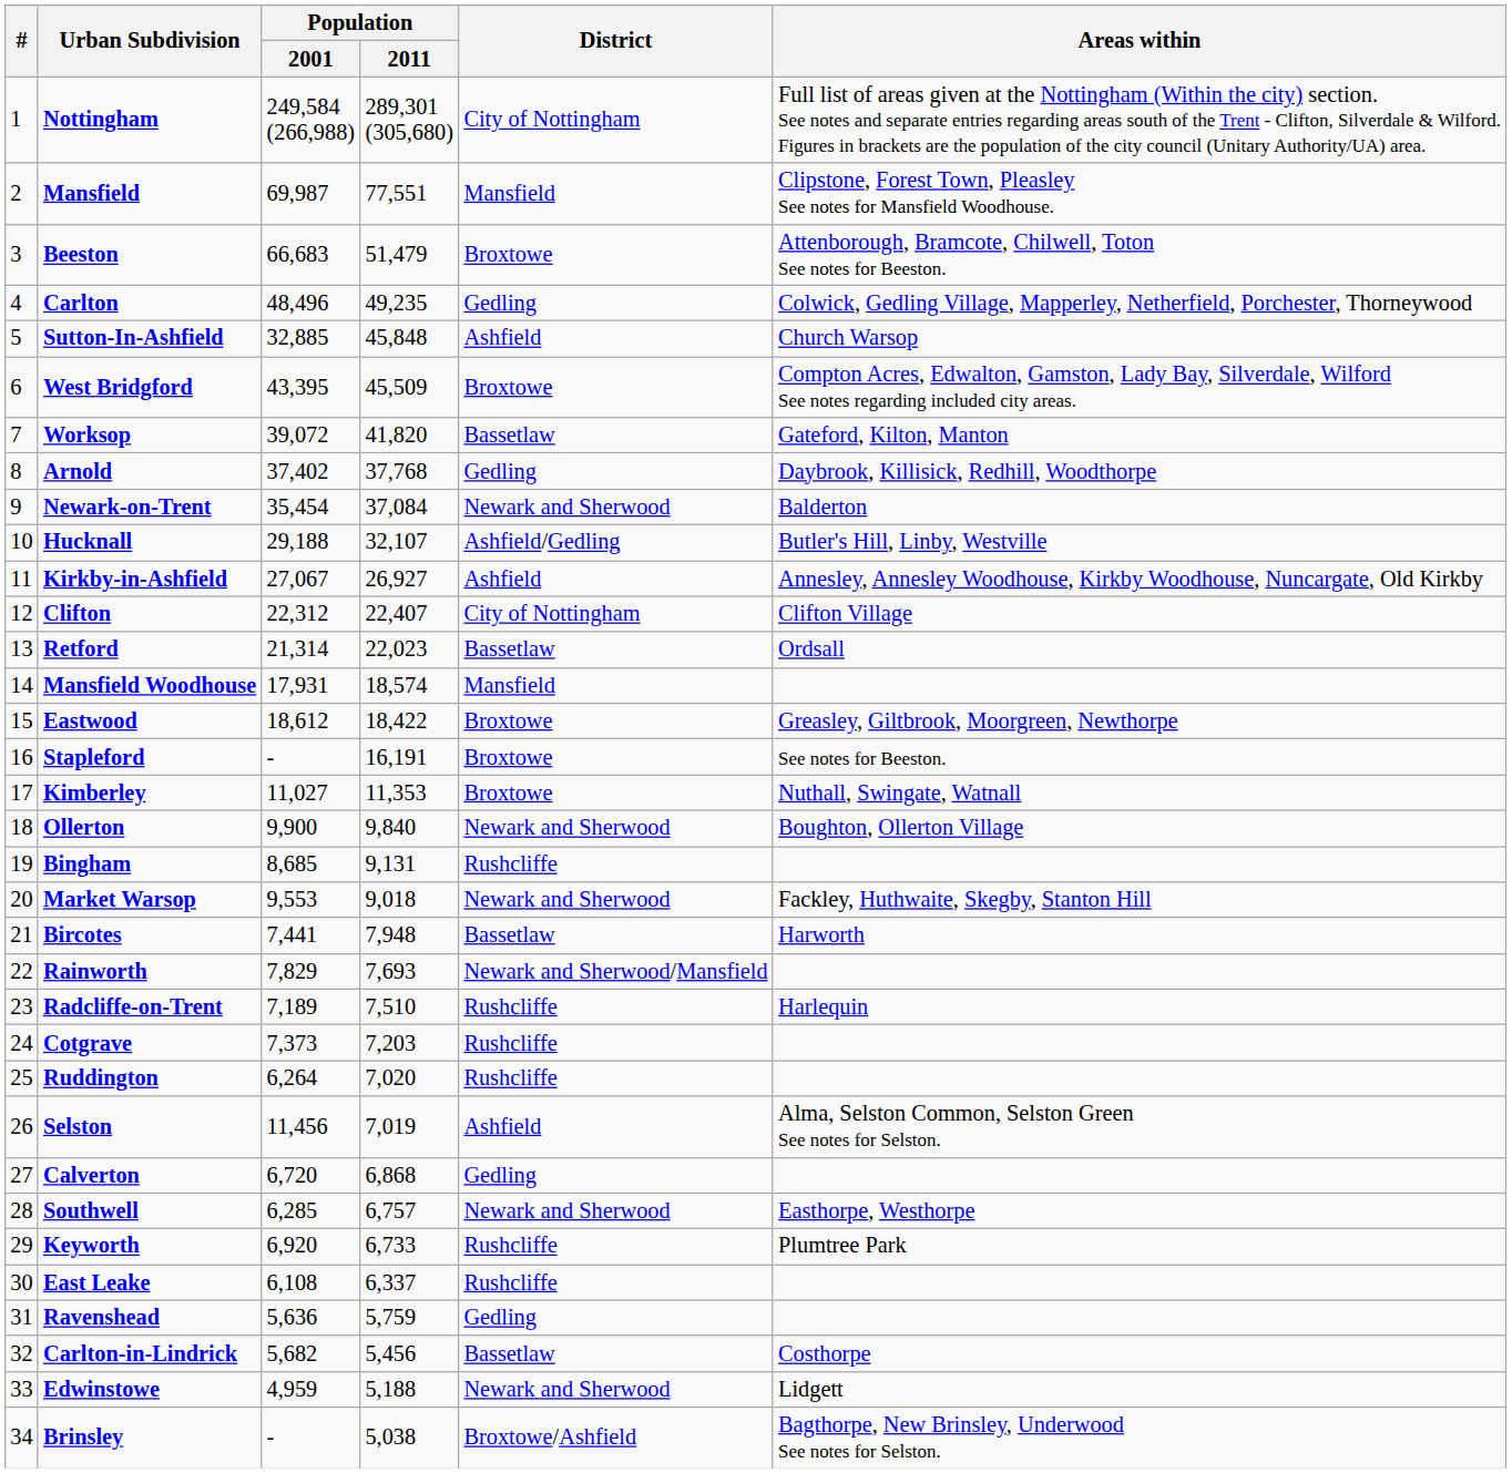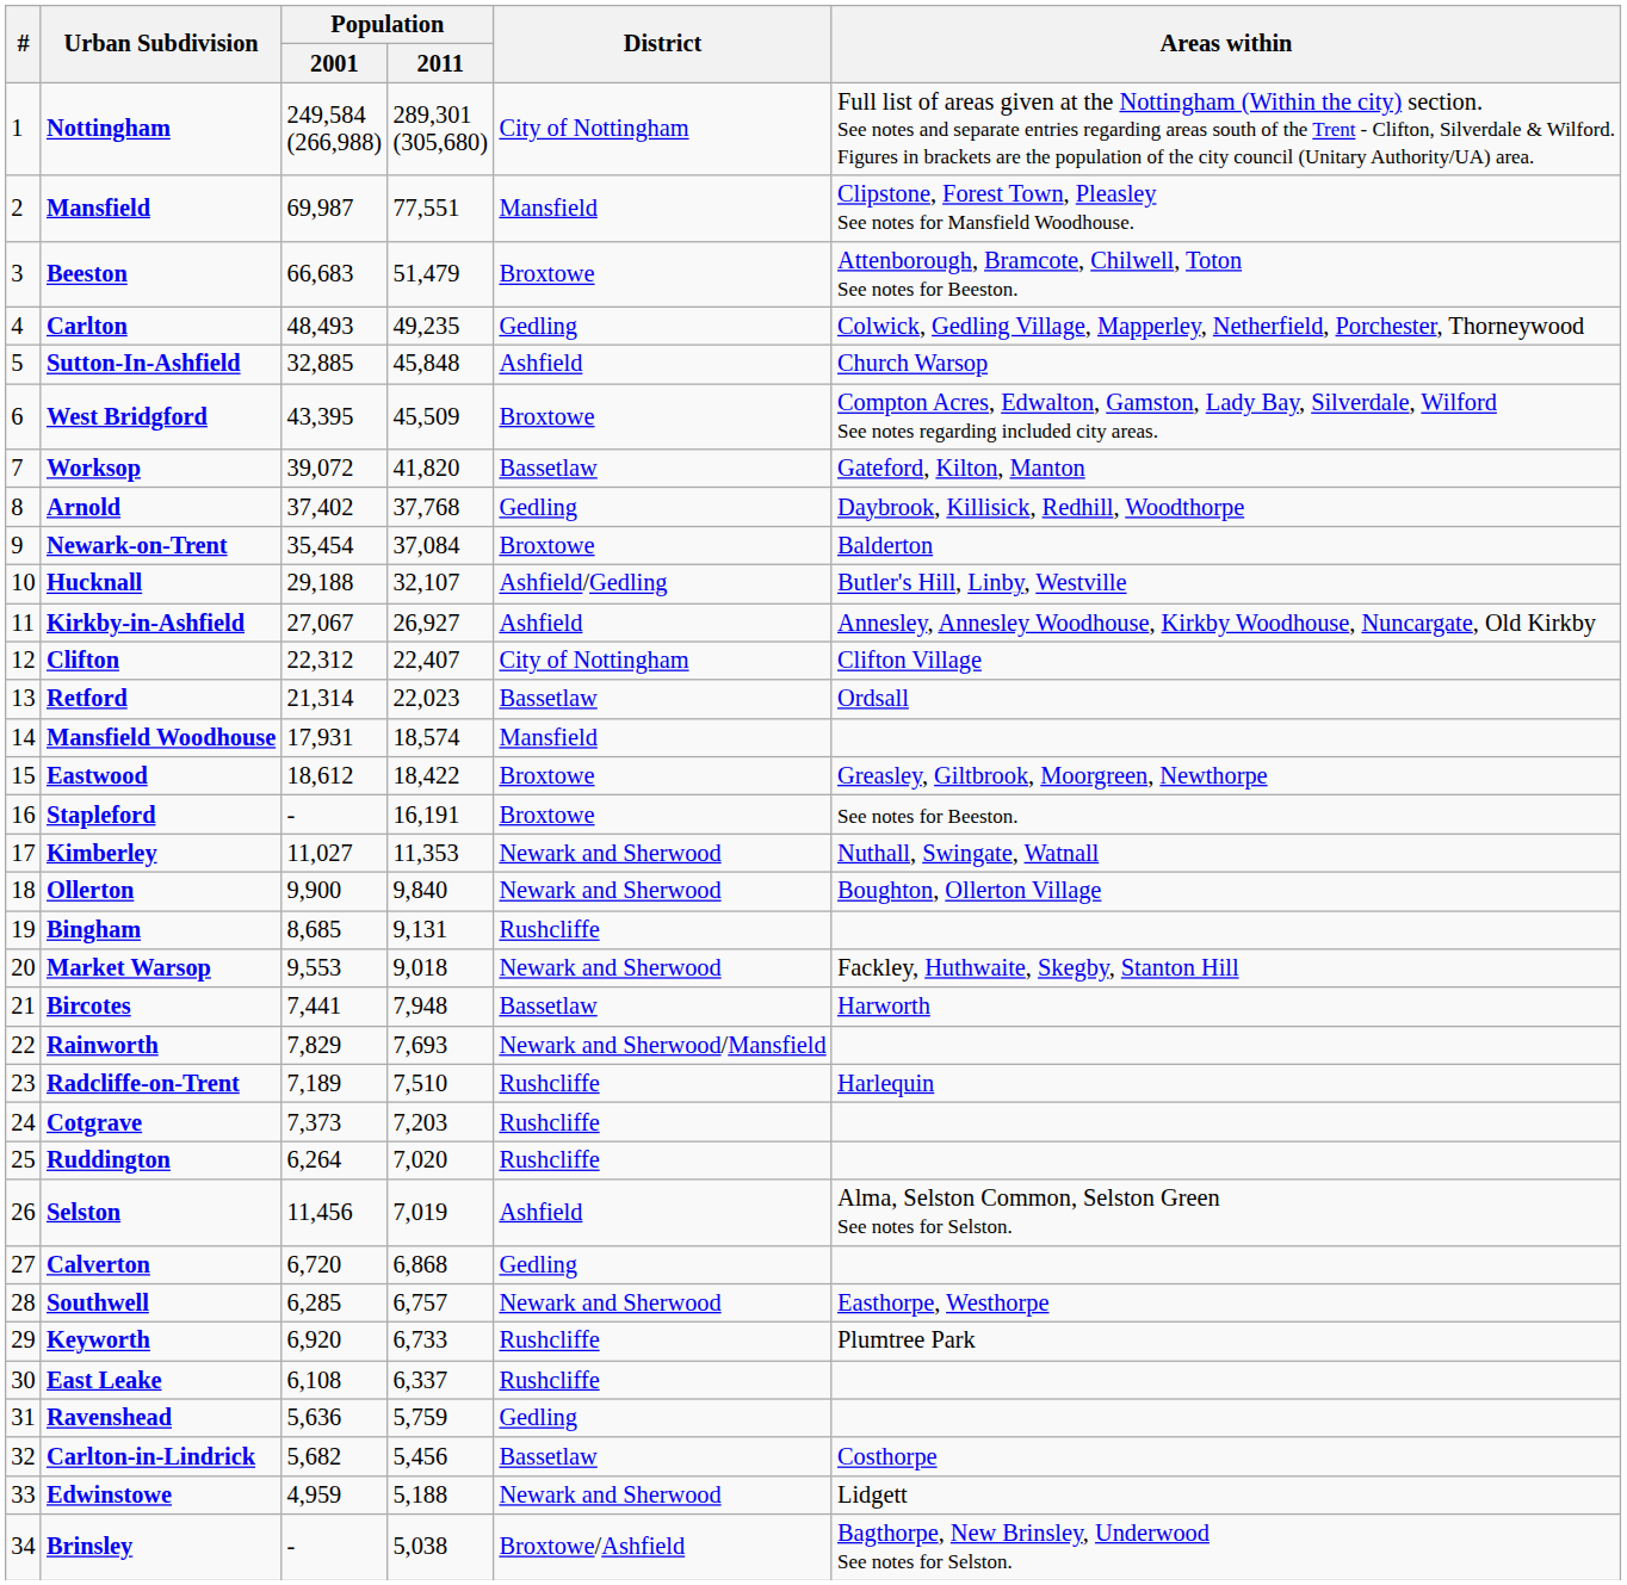 <table class="wikitable sortable">
 <tr>
 <th rowspan="2">#</th>
 <th rowspan="2">Urban Subdivision</th>
 <th colspan="2">Population</th>
 <th rowspan="2">District</th>
 <th class="unsortable"  rowspan="2">Areas within</th>
 </tr>
 <tr>
 <th>2001</th>
 <th>2011</th>
 </tr>
 <tr>
 <td>1</td>
 <td><strong><a href='#'>Nottingham</a></strong></td>
 <td>249,584<br>(266,988)</td>
 <td>289,301<br>(305,680)</td>
 <td><a href='#'>City of Nottingham</a></td>
 <td>Full list of areas given at the <a href='#'>Nottingham (Within the city)</a> section.<br><small>See notes and separate entries regarding areas south of the <a href='#'>Trent</a> - Clifton, Silverdale & Wilford.<br> Figures in brackets are the population of the city council (Unitary Authority/UA) area.</small></td>
 </tr>
 <tr>
 <td>2</td>
 <td><strong><a href='#'>Mansfield</a></strong></td>
 <td>69,987</td>
 <td>77,551</td>
 <td><a href='#'>Mansfield</a></td>
 <td><a href='#'>Clipstone</a>, <a href='#'>Forest Town</a>, <a href='#'>Pleasley</a><br><small>See notes for Mansfield Woodhouse.</small></td>
 </tr>
 <tr>
 <td>3</td>
 <td><strong><a href='#'>Beeston</a></strong></td>
 <td>66,683</td>
 <td>51,479</td>
 <td><a href='#'>Broxtowe</a></td>
 <td><a href='#'>Attenborough</a>, <a href='#'>Bramcote</a>, <a href='#'>Chilwell</a>, <a href='#'>Toton</a><br><small>See notes for Beeston.</small></td>
 </tr>
 <tr>
 <td>4</td>
 <td><strong><a href='#'>Carlton</a></strong></td>
-<td>48,496</td>
+<td>48,493</td>
 <td>49,235</td>
 <td><a href='#'>Gedling</a></td>
 <td><a href='#'>Colwick</a>, <a href='#'>Gedling Village</a>, <a href='#'>Mapperley</a>, <a href='#'>Netherfield</a>, <a href='#'>Porchester</a>, Thorneywood</td>
 </tr>
 <tr>
 <td>5</td>
 <td><strong><a href='#'>Sutton-In-Ashfield</a></strong></td>
 <td>32,885</td>
 <td>45,848</td>
 <td><a href='#'>Ashfield</a></td>
 <td><a href='#'>Church Warsop</a></td>
 </tr>
 <tr>
 <td>6</td>
 <td><strong><a href='#'>West Bridgford</a></strong></td>
 <td>43,395</td>
 <td>45,509</td>
 <td><a href='#'>Broxtowe</a></td>
 <td><a href='#'>Compton Acres</a>, <a href='#'>Edwalton</a>, <a href='#'>Gamston</a>, <a href='#'>Lady Bay</a>, <a href='#'>Silverdale</a>, <a href='#'>Wilford</a><br><small>See notes regarding included city areas.</small></td>
 </tr>
 <tr>
 <td>7</td>
 <td><strong><a href='#'>Worksop</a></strong></td>
 <td>39,072</td>
 <td>41,820</td>
 <td><a href='#'>Bassetlaw</a></td>
 <td><a href='#'>Gateford</a>, <a href='#'>Kilton</a>, <a href='#'>Manton</a></td>
 </tr>
 <tr>
 <td>8</td>
 <td><strong><a href='#'>Arnold</a></strong></td>
 <td>37,402</td>
 <td>37,768</td>
 <td><a href='#'>Gedling</a></td>
 <td><a href='#'>Daybrook</a>, <a href='#'>Killisick</a>, <a href='#'>Redhill</a>, <a href='#'>Woodthorpe</a></td>
 </tr>
 <tr>
 <td>9</td>
 <td><strong><a href='#'>Newark-on-Trent</a></strong></td>
 <td>35,454</td>
 <td>37,084</td>
-<td><a href='#'>Newark and Sherwood</a></td>
+<td><a href='#'>Broxtowe</a></td>
 <td><a href='#'>Balderton</a></td>
 </tr>
 <tr>
 <td>10</td>
 <td><strong><a href='#'>Hucknall</a></strong></td>
 <td>29,188</td>
 <td>32,107</td>
 <td><a href='#'>Ashfield</a>/<a href='#'>Gedling</a></td>
 <td><a href='#'>Butler's Hill</a>, <a href='#'>Linby</a>, <a href='#'>Westville</a></td>
 </tr>
 <tr>
 <td>11</td>
 <td><strong><a href='#'>Kirkby-in-Ashfield</a></strong></td>
 <td>27,067</td>
 <td>26,927</td>
 <td><a href='#'>Ashfield</a></td>
 <td><a href='#'>Annesley</a>, <a href='#'>Annesley Woodhouse</a>, <a href='#'>Kirkby Woodhouse</a>, <a href='#'>Nuncargate</a>, Old Kirkby</td>
 </tr>
 <tr>
 <td>12</td>
 <td><strong><a href='#'>Clifton</a></strong></td>
 <td>22,312</td>
 <td>22,407</td>
 <td><a href='#'>City of Nottingham</a></td>
 <td><a href='#'>Clifton Village</a></td>
 </tr>
 <tr>
 <td>13</td>
 <td><strong><a href='#'>Retford</a></strong></td>
 <td>21,314</td>
 <td>22,023</td>
 <td><a href='#'>Bassetlaw</a></td>
 <td><a href='#'>Ordsall</a></td>
 </tr>
 <tr>
 <td>14</td>
 <td><strong><a href='#'>Mansfield Woodhouse</a></strong></td>
 <td>17,931</td>
 <td>18,574</td>
 <td><a href='#'>Mansfield</a></td>
 <td></td>
 </tr>
 <tr>
 <td>15</td>
 <td><strong><a href='#'>Eastwood</a></strong></td>
 <td>18,612</td>
 <td>18,422</td>
 <td><a href='#'>Broxtowe</a></td>
 <td><a href='#'>Greasley</a>, <a href='#'>Giltbrook</a>, <a href='#'>Moorgreen</a>, <a href='#'>Newthorpe</a></td>
 </tr>
 <tr>
 <td>16</td>
 <td><strong><a href='#'>Stapleford</a></strong></td>
 <td>-</td>
 <td>16,191</td>
 <td><a href='#'>Broxtowe</a></td>
 <td><small>See notes for Beeston.</small></td>
 </tr>
 <tr>
 <td>17</td>
 <td><strong><a href='#'>Kimberley</a></strong></td>
 <td>11,027</td>
 <td>11,353</td>
-<td><a href='#'>Broxtowe</a></td>
+<td><a href='#'>Newark and Sherwood</a></td>
 <td><a href='#'>Nuthall</a>, <a href='#'>Swingate</a>, <a href='#'>Watnall</a></td>
 </tr>
 <tr>
 <td>18</td>
 <td><strong><a href='#'>Ollerton</a></strong></td>
 <td>9,900</td>
 <td>9,840</td>
 <td><a href='#'>Newark and Sherwood</a></td>
 <td><a href='#'>Boughton</a>, <a href='#'>Ollerton Village</a></td>
 </tr>
 <tr>
 <td>19</td>
 <td><strong><a href='#'>Bingham</a></strong></td>
 <td>8,685</td>
 <td>9,131</td>
 <td><a href='#'>Rushcliffe</a></td>
 <td></td>
 </tr>
 <tr>
 <td>20</td>
 <td><strong><a href='#'>Market Warsop</a></strong></td>
 <td>9,553</td>
 <td>9,018</td>
 <td><a href='#'>Newark and Sherwood</a></td>
 <td>Fackley, <a href='#'>Huthwaite</a>, <a href='#'>Skegby</a>, <a href='#'>Stanton Hill</a></td>
 </tr>
 <tr>
 <td>21</td>
 <td><strong><a href='#'>Bircotes</a></strong></td>
 <td>7,441</td>
 <td>7,948</td>
 <td><a href='#'>Bassetlaw</a></td>
 <td><a href='#'>Harworth</a></td>
 </tr>
 <tr>
 <td>22</td>
 <td><strong><a href='#'>Rainworth</a></strong></td>
 <td>7,829</td>
 <td>7,693</td>
 <td><a href='#'>Newark and Sherwood</a>/<a href='#'>Mansfield</a></td>
 <td></td>
 </tr>
 <tr>
 <td>23</td>
 <td><strong><a href='#'>Radcliffe-on-Trent</a></strong></td>
 <td>7,189</td>
 <td>7,510</td>
 <td><a href='#'>Rushcliffe</a></td>
 <td><a href='#'>Harlequin</a></td>
 </tr>
 <tr>
 <td>24</td>
 <td><strong><a href='#'>Cotgrave</a></strong></td>
 <td>7,373</td>
 <td>7,203</td>
 <td><a href='#'>Rushcliffe</a></td>
 <td></td>
 </tr>
 <tr>
 <td>25</td>
 <td><strong><a href='#'>Ruddington</a></strong></td>
 <td>6,264</td>
 <td>7,020</td>
 <td><a href='#'>Rushcliffe</a></td>
 <td></td>
 </tr>
 <tr>
 <td>26</td>
 <td><strong><a href='#'>Selston</a></strong></td>
 <td>11,456</td>
 <td>7,019</td>
 <td><a href='#'>Ashfield</a></td>
 <td>Alma, Selston Common, Selston Green<br><small>See notes for Selston.</small></td>
 </tr>
 <tr>
 <td>27</td>
 <td><strong><a href='#'>Calverton</a></strong></td>
 <td>6,720</td>
 <td>6,868</td>
 <td><a href='#'>Gedling</a></td>
 <td></td>
 </tr>
 <tr>
 <td>28</td>
 <td><strong><a href='#'>Southwell</a></strong></td>
 <td>6,285</td>
 <td>6,757</td>
 <td><a href='#'>Newark and Sherwood</a></td>
 <td><a href='#'>Easthorpe</a>, <a href='#'>Westhorpe</a></td>
 </tr>
 <tr>
 <td>29</td>
 <td><strong><a href='#'>Keyworth</a></strong></td>
 <td>6,920</td>
 <td>6,733</td>
 <td><a href='#'>Rushcliffe</a></td>
 <td>Plumtree Park</td>
 </tr>
 <tr>
 <td>30</td>
 <td><strong><a href='#'>East Leake</a></strong></td>
 <td>6,108</td>
 <td>6,337</td>
 <td><a href='#'>Rushcliffe</a></td>
 <td></td>
 </tr>
 <tr>
 <td>31</td>
 <td><strong><a href='#'>Ravenshead</a></strong></td>
 <td>5,636</td>
 <td>5,759</td>
 <td><a href='#'>Gedling</a></td>
 <td></td>
 </tr>
 <tr>
 <td>32</td>
 <td><strong><a href='#'>Carlton-in-Lindrick</a></strong></td>
 <td>5,682</td>
 <td>5,456</td>
 <td><a href='#'>Bassetlaw</a></td>
 <td><a href='#'>Costhorpe</a></td>
 </tr>
 <tr>
 <td>33</td>
 <td><strong><a href='#'>Edwinstowe</a></strong></td>
 <td>4,959</td>
 <td>5,188</td>
 <td><a href='#'>Newark and Sherwood</a></td>
 <td>Lidgett</td>
 </tr>
 <tr>
 <td>34</td>
 <td><strong><a href='#'>Brinsley</a></strong></td>
 <td>-</td>
 <td>5,038</td>
 <td><a href='#'>Broxtowe</a>/<a href='#'>Ashfield</a></td>
 <td><a href='#'>Bagthorpe</a>, <a href='#'>New Brinsley</a>, <a href='#'>Underwood</a><br><small>See notes for Selston.</small></td>
 </tr>
 </table>
